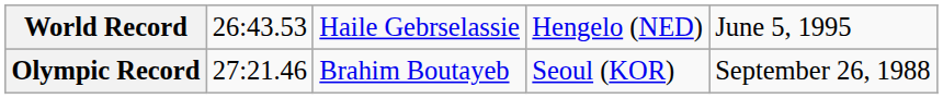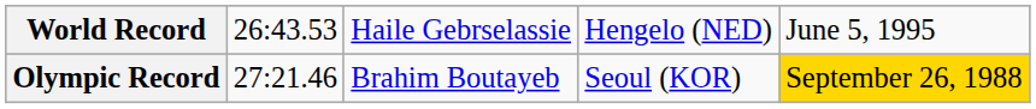 <table class="wikitable" style="font-size:95%;">
 <tr>
 <th>World Record</th>
 <td>26:43.53</td>
 <td> <a href='#'>Haile Gebrselassie</a></td>
 <td><a href='#'>Hengelo</a> (<a href='#'>NED</a>)</td>
 <td>June 5, 1995</td>
 </tr>
 <tr>
 <th>Olympic Record</th>
 <td>27:21.46</td>
 <td> <a href='#'>Brahim Boutayeb</a></td>
 <td><a href='#'>Seoul</a> (<a href='#'>KOR</a>)</td>
-<td>September 26, 1988</td>
+<td style="background: gold;">September 26, 1988</td>
 </tr>
 </table>
